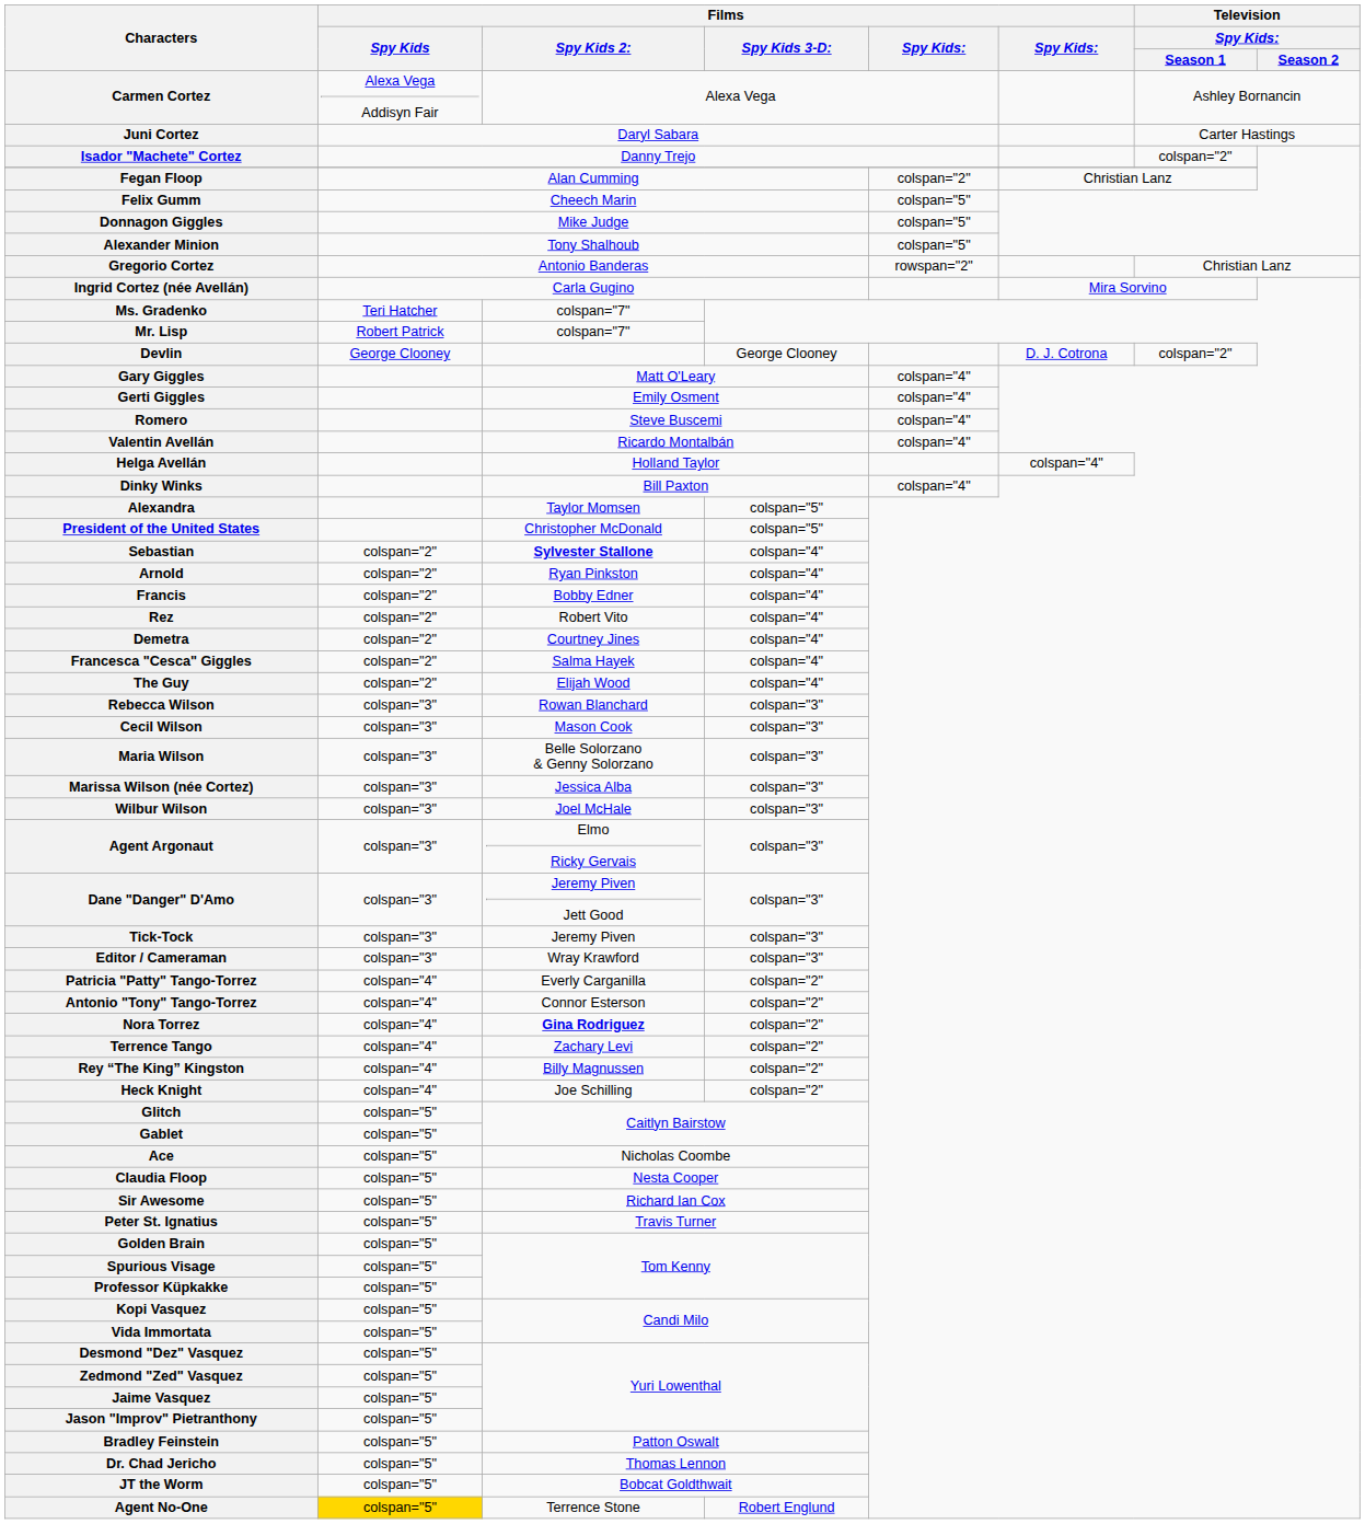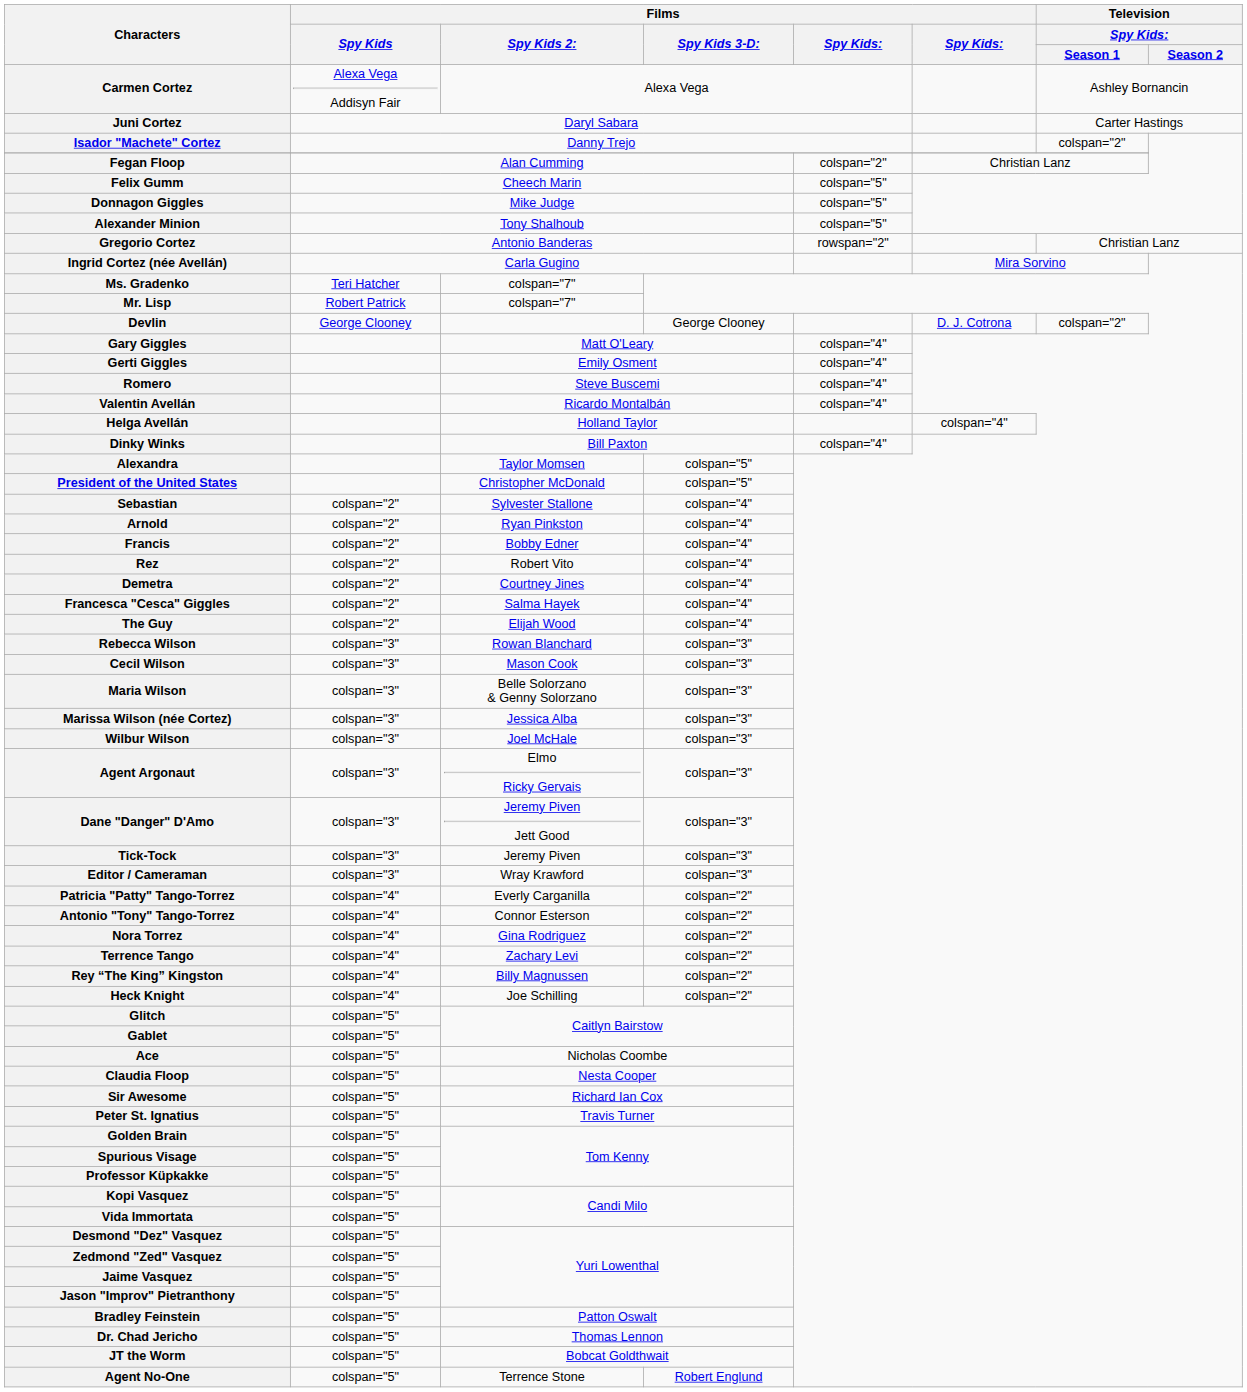 <table class="wikitable"  style="text-align:center; width:99%;">
 <tr>
 <th rowspan="3">Characters</th>
 <th colspan="5">Films</th>
 <th colspan="2">Television</th>
 </tr>
 <tr>
 <th rowspan="2"><em><a href='#'>Spy Kids</a></em></th>
 <th rowspan="2"><em><a href='#'>Spy Kids 2: <br></a></em></th>
 <th rowspan="2"><em><a href='#'>Spy Kids 3-D: <br></a></em></th>
 <th rowspan="2"><em><a href='#'>Spy Kids: <br></a></em></th>
 <th rowspan="2"><em><a href='#'>Spy Kids: <br></a></em></th>
 <th colspan="2"><em><a href='#'>Spy Kids: <br></a></em></th>
 </tr>
 <tr>
 <th><a href='#'>Season 1</a></th>
 <th><a href='#'>Season 2</a></th>
 </tr>
 <tr>
 <th>Carmen Cortez</th>
 <td><a href='#'>Alexa Vega</a><hr>Addisyn Fair</td>
 <td colspan="3">Alexa Vega</td>
 <td></td>
 <td colspan="2">Ashley Bornancin</td>
 </tr>
 <tr>
 <th>Juni Cortez</th>
 <td colspan="4"><a href='#'>Daryl Sabara</a></td>
 <td></td>
 <td colspan="2">Carter Hastings</td>
 </tr>
 <tr>
 <th><a href='#'>Isador "Machete" Cortez</a></th>
 <td colspan="4"><a href='#'>Danny Trejo</a></td>
 <td></td>
 <td>colspan="2" </td>
 </tr>
 <tr>
 </tr>
 <tr>
 <th>Fegan Floop</th>
 <td colspan="3"><a href='#'>Alan Cumming</a></td>
 <td>colspan="2" </td>
 <td colspan="2">Christian Lanz</td>
 </tr>
 <tr>
 <th>Felix Gumm</th>
 <td colspan="3"><a href='#'>Cheech Marin</a></td>
 <td>colspan="5" </td>
 </tr>
 <tr>
 <th>Donnagon Giggles</th>
 <td colspan="3"><a href='#'>Mike Judge</a></td>
 <td>colspan="5" </td>
 </tr>
 <tr>
 <th>Alexander Minion</th>
 <td colspan="3"><a href='#'>Tony Shalhoub</a></td>
 <td>colspan="5" </td>
 </tr>
 <tr>
 <th>Gregorio Cortez</th>
 <td colspan="3"><a href='#'>Antonio Banderas</a></td>
 <td>rowspan="2" </td>
 <td></td>
 <td colspan="2">Christian Lanz</td>
 </tr>
 <tr>
 <th>Ingrid Cortez (née Avellán)</th>
 <td colspan="3"><a href='#'>Carla Gugino</a></td>
 <td></td>
 <td colspan="2"><a href='#'>Mira Sorvino</a></td>
 </tr>
 <tr>
 <th>Ms. Gradenko</th>
 <td><a href='#'>Teri Hatcher</a></td>
 <td>colspan="7" </td>
 </tr>
 <tr>
 <th>Mr. Lisp</th>
 <td><a href='#'>Robert Patrick</a></td>
 <td>colspan="7" </td>
 </tr>
 <tr>
 <th>Devlin</th>
 <td><a href='#'>George Clooney</a></td>
 <td></td>
 <td>George Clooney</td>
 <td></td>
 <td><a href='#'>D. J. Cotrona</a></td>
 <td>colspan="2" </td>
 </tr>
 <tr>
 <th>Gary Giggles</th>
 <td></td>
 <td colspan="2"><a href='#'>Matt O'Leary</a></td>
 <td>colspan="4" </td>
 </tr>
 <tr>
 <th>Gerti Giggles</th>
 <td></td>
 <td colspan="2"><a href='#'>Emily Osment</a></td>
 <td>colspan="4" </td>
 </tr>
 <tr>
 <th>Romero</th>
 <td></td>
 <td colspan="2"><a href='#'>Steve Buscemi</a></td>
 <td>colspan="4" </td>
 </tr>
 <tr>
 <th>Valentin Avellán</th>
 <td></td>
 <td colspan="2"><a href='#'>Ricardo Montalbán</a></td>
 <td>colspan="4" </td>
 </tr>
 <tr>
 <th>Helga Avellán</th>
 <td></td>
 <td colspan="2"><a href='#'>Holland Taylor</a></td>
 <td></td>
 <td>colspan="4" </td>
 </tr>
 <tr>
 <th>Dinky Winks</th>
 <td></td>
 <td colspan="2"><a href='#'>Bill Paxton</a></td>
 <td>colspan="4" </td>
 </tr>
 <tr>
 <th>Alexandra</th>
 <td></td>
 <td><a href='#'>Taylor Momsen</a></td>
 <td>colspan="5" </td>
 </tr>
 <tr>
 <th><a href='#'>President of the United States</a></th>
 <td></td>
 <td><a href='#'>Christopher McDonald</a></td>
 <td>colspan="5" </td>
 </tr>
 <tr>
 <th>Sebastian<br></th>
 <td>colspan="2" </td>
-<td><strong><a href='#'>Sylvester Stallone</a></strong></td>
+<td><a href='#'>Sylvester Stallone</a></td>
 <td>colspan="4" </td>
 </tr>
 <tr>
 <th>Arnold</th>
 <td>colspan="2" </td>
 <td><a href='#'>Ryan Pinkston</a></td>
 <td>colspan="4" </td>
 </tr>
 <tr>
 <th>Francis</th>
 <td>colspan="2" </td>
 <td><a href='#'>Bobby Edner</a></td>
 <td>colspan="4" </td>
 </tr>
 <tr>
 <th>Rez</th>
 <td>colspan="2" </td>
 <td>Robert Vito</td>
 <td>colspan="4" </td>
 </tr>
 <tr>
 <th>Demetra<br></th>
 <td>colspan="2" </td>
 <td><a href='#'>Courtney Jines</a></td>
 <td>colspan="4" </td>
 </tr>
 <tr>
 <th>Francesca "Cesca" Giggles</th>
 <td>colspan="2" </td>
 <td><a href='#'>Salma Hayek</a></td>
 <td>colspan="4" </td>
 </tr>
 <tr>
 <th>The Guy</th>
 <td>colspan="2" </td>
 <td><a href='#'>Elijah Wood</a></td>
 <td>colspan="4" </td>
 </tr>
 <tr>
 <th>Rebecca Wilson</th>
 <td>colspan="3" </td>
 <td><a href='#'>Rowan Blanchard</a></td>
 <td>colspan="3" </td>
 </tr>
 <tr>
 <th>Cecil Wilson</th>
 <td>colspan="3" </td>
 <td><a href='#'>Mason Cook</a></td>
 <td>colspan="3" </td>
 </tr>
 <tr>
 <th>Maria Wilson</th>
 <td>colspan="3" </td>
 <td>Belle Solorzano<br>& Genny Solorzano</td>
 <td>colspan="3" </td>
 </tr>
 <tr>
 <th>Marissa Wilson (née Cortez)</th>
 <td>colspan="3" </td>
 <td><a href='#'>Jessica Alba</a></td>
 <td>colspan="3" </td>
 </tr>
 <tr>
 <th>Wilbur Wilson</th>
 <td>colspan="3" </td>
 <td><a href='#'>Joel McHale</a></td>
 <td>colspan="3" </td>
 </tr>
 <tr>
 <th>Agent Argonaut</th>
 <td>colspan="3" </td>
 <td>Elmo<hr><a href='#'>Ricky Gervais</a></td>
 <td>colspan="3" </td>
 </tr>
 <tr>
 <th>Dane "Danger" D'Amo <br></th>
 <td>colspan="3" </td>
 <td><a href='#'>Jeremy Piven</a><hr>Jett Good</td>
 <td>colspan="3" </td>
 </tr>
 <tr>
 <th>Tick-Tock</th>
 <td>colspan="3" </td>
 <td>Jeremy Piven</td>
 <td>colspan="3" </td>
 </tr>
 <tr>
 <th>Editor / Cameraman</th>
 <td>colspan="3" </td>
 <td>Wray Krawford</td>
 <td>colspan="3" </td>
 </tr>
 <tr>
 <th>Patricia "Patty" Tango-Torrez</th>
 <td>colspan="4" </td>
 <td>Everly Carganilla</td>
 <td>colspan="2" </td>
 </tr>
 <tr>
 <th>Antonio "Tony" Tango-Torrez</th>
 <td>colspan="4" </td>
 <td>Connor Esterson</td>
 <td>colspan="2" </td>
 </tr>
 <tr>
 <th>Nora Torrez</th>
 <td>colspan="4" </td>
-<td><strong><a href='#'>Gina Rodriguez</a></strong></td>
+<td><a href='#'>Gina Rodriguez</a></td>
 <td>colspan="2" </td>
 </tr>
 <tr>
 <th>Terrence Tango</th>
 <td>colspan="4" </td>
 <td><a href='#'>Zachary Levi</a></td>
 <td>colspan="2" </td>
 </tr>
 <tr>
 <th>Rey “The King” Kingston</th>
 <td>colspan="4" </td>
 <td><a href='#'>Billy Magnussen</a></td>
 <td>colspan="2" </td>
 </tr>
 <tr>
 <th>Heck Knight</th>
 <td>colspan="4" </td>
 <td>Joe Schilling</td>
 <td>colspan="2" </td>
 </tr>
 <tr>
 <th>Glitch</th>
 <td>colspan="5" </td>
 <td rowspan="2" colspan="2"><a href='#'>Caitlyn Bairstow</a></td>
 </tr>
 <tr>
 <th>Gablet</th>
 <td>colspan="5" </td>
 </tr>
 <tr>
 <th>Ace</th>
 <td>colspan="5" </td>
 <td colspan="2">Nicholas Coombe</td>
 </tr>
 <tr>
 <th>Claudia Floop<br></th>
 <td>colspan="5" </td>
 <td colspan="2"><a href='#'>Nesta Cooper</a></td>
 </tr>
 <tr>
 <th>Sir Awesome</th>
 <td>colspan="5" </td>
 <td colspan="2"><a href='#'>Richard Ian Cox</a></td>
 </tr>
 <tr>
 <th>Peter St. Ignatius<br></th>
 <td>colspan="5" </td>
 <td colspan="2"><a href='#'>Travis Turner</a></td>
 </tr>
 <tr>
 <th>Golden Brain</th>
 <td>colspan="5" </td>
 <td rowspan="3" colspan="2"><a href='#'>Tom Kenny</a></td>
 </tr>
 <tr>
 <th>Spurious Visage</th>
 <td>colspan="5" </td>
 </tr>
 <tr>
 <th>Professor Küpkakke</th>
 <td>colspan="5" </td>
 </tr>
 <tr>
 <th>Kopi Vasquez</th>
 <td>colspan="5" </td>
 <td rowspan="2" colspan="2"><a href='#'>Candi Milo</a></td>
 </tr>
 <tr>
 <th>Vida Immortata</th>
 <td>colspan="5" </td>
 </tr>
 <tr>
 <th>Desmond "Dez" Vasquez</th>
 <td>colspan="5" </td>
 <td rowspan="4" colspan="2"><a href='#'>Yuri Lowenthal</a></td>
 </tr>
 <tr>
 <th>Zedmond "Zed" Vasquez</th>
 <td>colspan="5" </td>
 </tr>
 <tr>
 <th>Jaime Vasquez</th>
 <td>colspan="5" </td>
 </tr>
 <tr>
 <th>Jason "Improv" Pietranthony<br></th>
 <td>colspan="5" </td>
 </tr>
 <tr>
 <th>Bradley Feinstein<br></th>
 <td>colspan="5" </td>
 <td colspan="2"><a href='#'>Patton Oswalt</a></td>
 </tr>
 <tr>
 <th>Dr. Chad Jericho</th>
 <td>colspan="5" </td>
 <td colspan="2"><a href='#'>Thomas Lennon</a></td>
 </tr>
 <tr>
 <th>JT the Worm</th>
 <td>colspan="5" </td>
 <td colspan="2"><a href='#'>Bobcat Goldthwait</a></td>
 </tr>
 <tr>
 <th>Agent No-One</th>
-<td style="background: gold;">colspan="5" </td>
+<td>colspan="5" </td>
 <td>Terrence Stone</td>
 <td><a href='#'>Robert Englund</a></td>
 </tr>
 </table>
